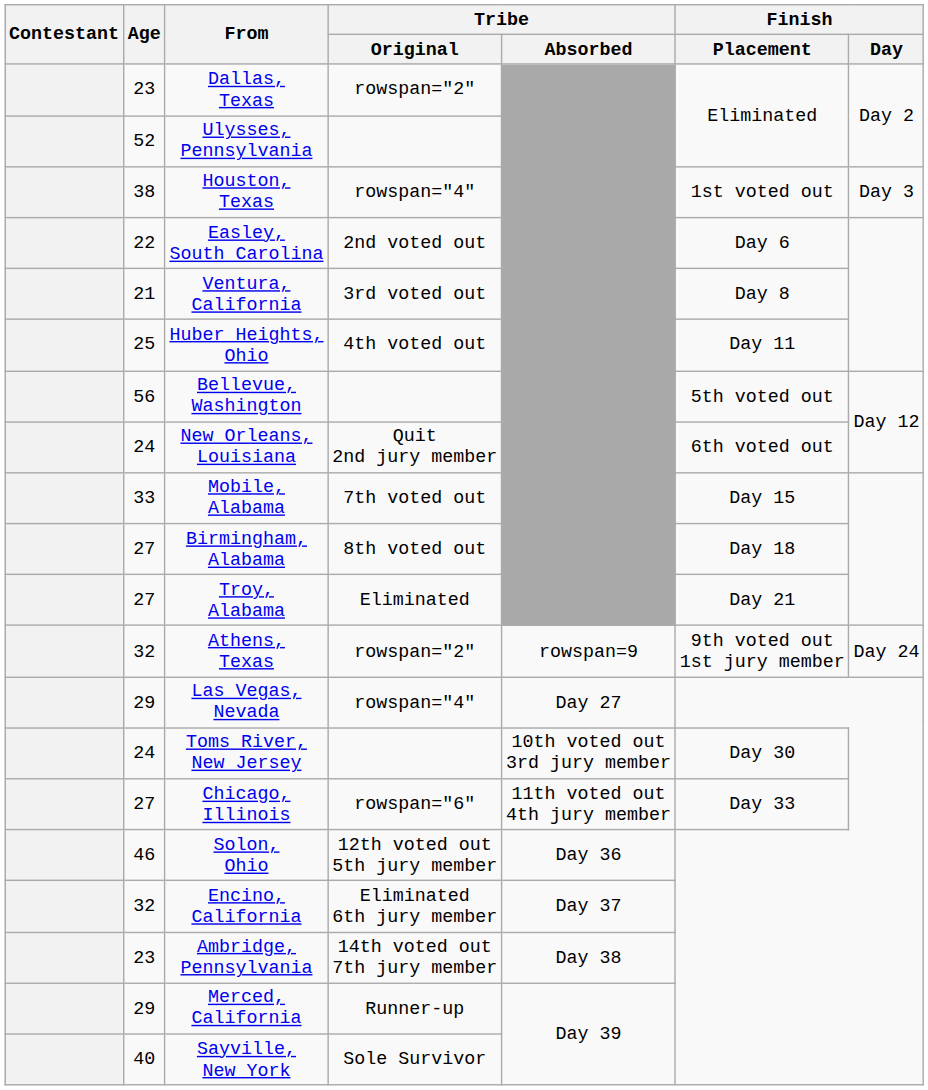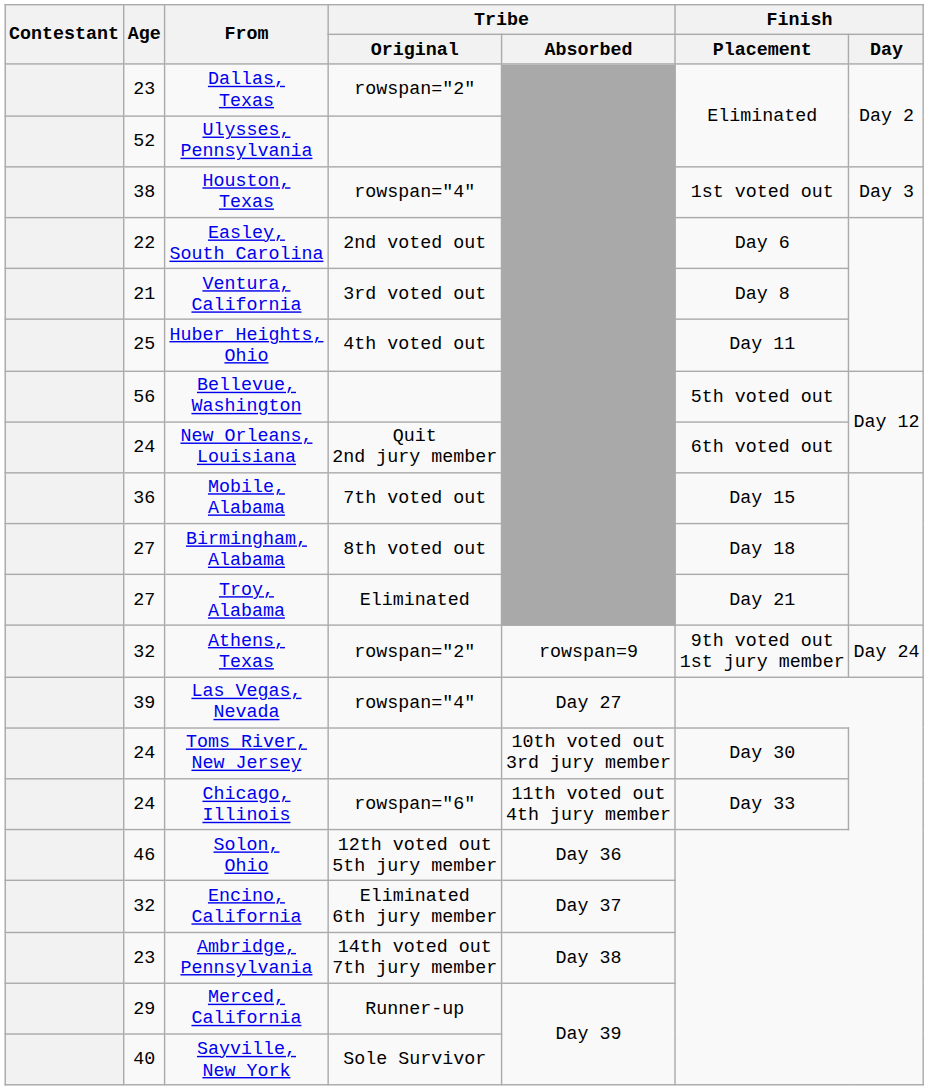 <table class="wikitable sortable" style="margin:auto; text-align:center">
 <tr>
 <th rowspan="2" scope="col">Contestant</th>
 <th rowspan="2" scope="col">Age</th>
 <th rowspan="2" scope="col" class=unsortable>From</th>
 <th colspan="2" scope="colgroup">Tribe</th>
 <th colspan="2" scope="colgroup">Finish</th>
 </tr>
 <tr>
 <th scope="col">Original</th>
 <th scope="col">Absorbed</th>
 <th scope="col" class=unsortable>Placement</th>
 <th scope="col" class=unsortable>Day</th>
 </tr>
 <tr>
 <th scope="row" style=text-align:left></th>
 <td>23</td>
 <td><a href='#'>Dallas,<br>Texas</a></td>
 <td>rowspan="2" </td>
 <td rowspan="11" style="background:darkgrey;"></td>
 <td rowspan="2">Eliminated</td>
 <td rowspan="2">Day 2</td>
 </tr>
 <tr>
 <th scope="row" style=text-align:left></th>
 <td>52</td>
 <td><a href='#'>Ulysses,<br>Pennsylvania</a></td>
 </tr>
 <tr>
 <th scope="row" style=text-align:left></th>
 <td>38</td>
 <td><a href='#'>Houston,<br>Texas</a></td>
 <td>rowspan="4" </td>
 <td>1st voted out</td>
 <td>Day 3</td>
 </tr>
 <tr>
 <th scope="row" style=text-align:left></th>
 <td>22</td>
 <td><a href='#'>Easley,<br>South Carolina</a></td>
 <td>2nd voted out</td>
 <td>Day 6</td>
 </tr>
 <tr>
 <th scope="row" style=text-align:left></th>
 <td>21</td>
 <td><a href='#'>Ventura,<br>California</a></td>
 <td>3rd voted out</td>
 <td>Day 8</td>
 </tr>
 <tr>
 <th scope="row" style=text-align:left></th>
 <td>25</td>
 <td><a href='#'>Huber Heights,<br>Ohio</a></td>
 <td>4th voted out</td>
 <td>Day 11</td>
 </tr>
 <tr>
 <th scope="row" style=text-align:left></th>
 <td>56</td>
 <td><a href='#'>Bellevue,<br>Washington</a></td>
 <td></td>
 <td>5th voted out</td>
 <td rowspan="2">Day 12</td>
 </tr>
 <tr>
 <th scope="row" style=text-align:left></th>
 <td>24</td>
 <td><a href='#'>New Orleans,<br>Louisiana</a></td>
 <td>Quit<br>2nd jury member</td>
 <td>6th voted out</td>
 </tr>
 <tr>
 <th scope="row" style=text-align:left></th>
-<td>33</td>
+<td>36</td>
 <td><a href='#'>Mobile,<br>Alabama</a></td>
 <td>7th voted out</td>
 <td>Day 15</td>
 </tr>
 <tr>
 <th scope="row" style=text-align:left></th>
 <td>27</td>
 <td><a href='#'>Birmingham,<br>Alabama</a></td>
 <td>8th voted out</td>
 <td>Day 18</td>
 </tr>
 <tr>
 <th scope="row" style=text-align:left></th>
 <td>27</td>
 <td><a href='#'>Troy,<br>Alabama</a></td>
 <td>Eliminated</td>
 <td>Day 21</td>
 </tr>
 <tr>
 <th scope="row" style=text-align:left></th>
 <td>32</td>
 <td><a href='#'>Athens,<br>Texas</a></td>
 <td>rowspan="2" </td>
 <td>rowspan=9 </td>
 <td>9th voted out<br>1st jury member</td>
 <td>Day 24</td>
 </tr>
 <tr>
 <th scope="row" style=text-align:left></th>
-<td>29</td>
+<td>39</td>
 <td><a href='#'>Las Vegas,<br>Nevada</a></td>
 <td>rowspan="4" </td>
 <td>Day 27</td>
 </tr>
 <tr>
 <th scope="row" style=text-align:left></th>
 <td>24</td>
 <td><a href='#'>Toms River,<br>New Jersey</a></td>
 <td></td>
 <td>10th voted out<br>3rd jury member</td>
 <td>Day 30</td>
 </tr>
 <tr>
 <th scope="row" style=text-align:left></th>
-<td>27</td>
+<td>24</td>
 <td><a href='#'>Chicago,<br>Illinois</a></td>
 <td>rowspan="6" </td>
 <td>11th voted out<br>4th jury member</td>
 <td>Day 33</td>
 </tr>
 <tr>
 <th scope="row" style=text-align:left></th>
 <td>46</td>
 <td><a href='#'>Solon,<br>Ohio</a></td>
 <td>12th voted out<br>5th jury member</td>
 <td>Day 36</td>
 </tr>
 <tr>
 <th scope="row" style=text-align:left></th>
 <td>32</td>
 <td><a href='#'>Encino,<br>California</a></td>
 <td>Eliminated<br>6th jury member</td>
 <td>Day 37</td>
 </tr>
 <tr>
 <th scope="row" style=text-align:left></th>
 <td>23</td>
 <td><a href='#'>Ambridge,<br>Pennsylvania</a></td>
 <td>14th voted out<br>7th jury member</td>
 <td>Day 38</td>
 </tr>
 <tr>
 <th scope="row" style=text-align:left></th>
 <td>29</td>
 <td><a href='#'>Merced,<br>California</a></td>
 <td>Runner-up</td>
 <td rowspan="2">Day 39</td>
 </tr>
 <tr>
 <th scope="row" style=text-align:left></th>
 <td>40</td>
 <td><a href='#'>Sayville,<br>New York</a></td>
 <td>Sole Survivor</td>
 </tr>
 </table>
